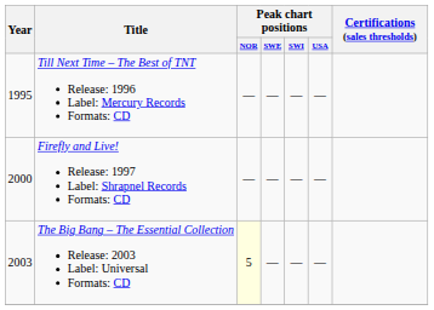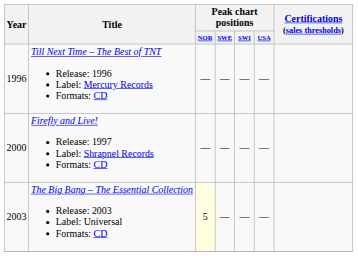 <table class="wikitable">
 <tr>
 <th rowspan="2">Year</th>
 <th rowspan="2">Title</th>
 <th colspan="4">Peak chart positions</th>
 <th rowspan="2" width="120"><a href='#'>Certifications</a><br><small>(<a href='#'>sales thresholds</a>)</small></th>
 </tr>
 <tr>
 <th style="width:2em;font-size:80%"><small><a href='#'>NOR</a></small></th>
 <th style="width:2em;font-size:80%"><small><a href='#'>SWE</a></small></th>
 <th style="width:2em;font-size:80%"><small><a href='#'>SWI</a></small></th>
 <th style="width:2em;font-size:80%"><small><a href='#'>USA</a></small></th>
 </tr>
 <tr>
-<td rowspan="1" align="center">1995</td>
+<td rowspan="1" align="center">1996</td>
 <td><em><a href='#'>Till Next Time – The Best of TNT</a></em><br><ul><li>Release:  1996</li><li>Label: <a href='#'>Mercury Records</a></li><li>Formats: <a href='#'>CD</a></li></ul></td>
 <td align="center">—</td>
 <td align="center">—</td>
 <td align="center">—</td>
 <td align="center">—</td>
 <td></td>
 </tr>
 <tr>
 <td rowspan="1" align="center">2000</td>
 <td><em><a href='#'>Firefly and Live!</a></em><br><ul><li>Release:  1997</li><li>Label: <a href='#'>Shrapnel Records</a></li><li>Formats: <a href='#'>CD</a></li></ul></td>
 <td align="center">—</td>
 <td align="center">—</td>
 <td align="center">—</td>
 <td align="center">—</td>
 <td></td>
 </tr>
 <tr>
 <td rowspan="1" align="center">2003</td>
 <td><em><a href='#'>The Big Bang – The Essential Collection</a></em><br><ul><li>Release:  2003</li><li>Label: Universal</li><li>Formats: <a href='#'>CD</a></li></ul></td>
 <td align="center" style="background: lightyellow;">5</td>
 <td align="center">—</td>
 <td align="center">—</td>
 <td align="center">—</td>
 <td></td>
 </tr>
 <tr>
 </tr>
 </table>
